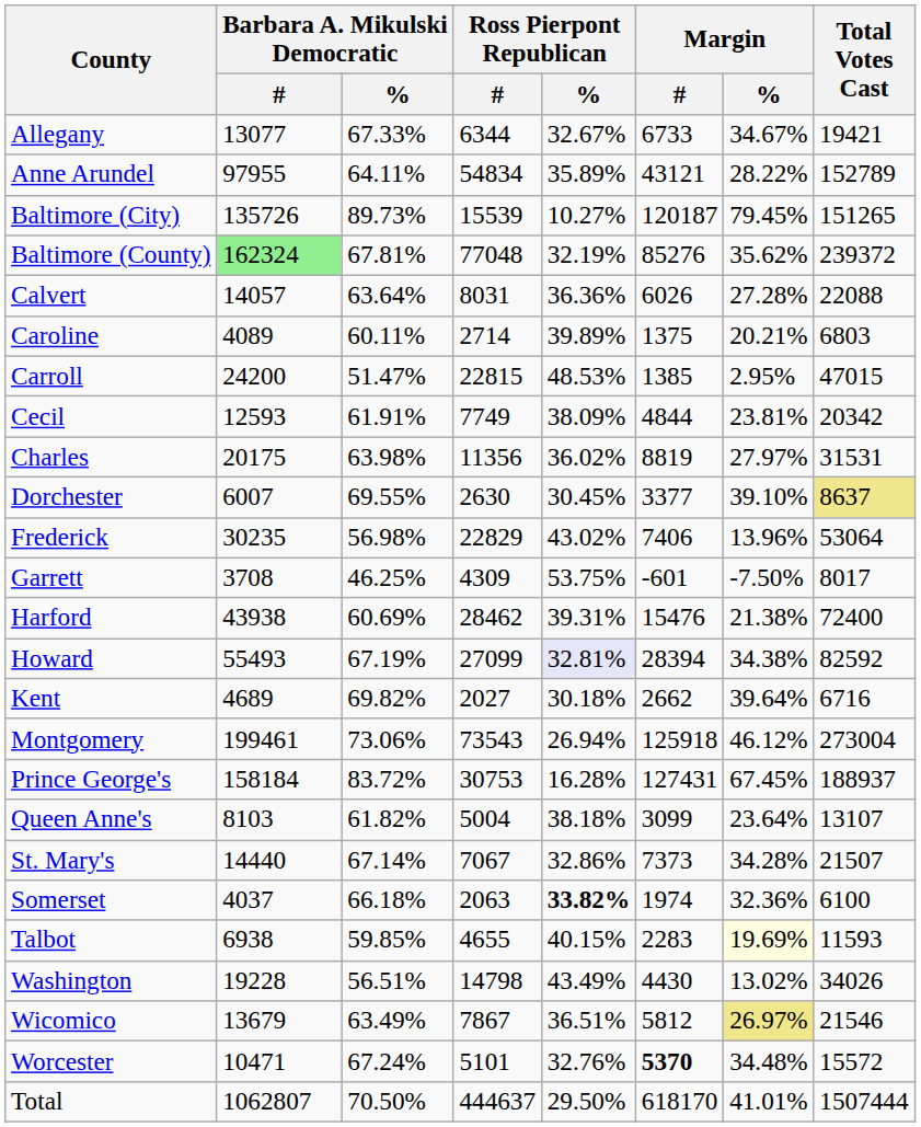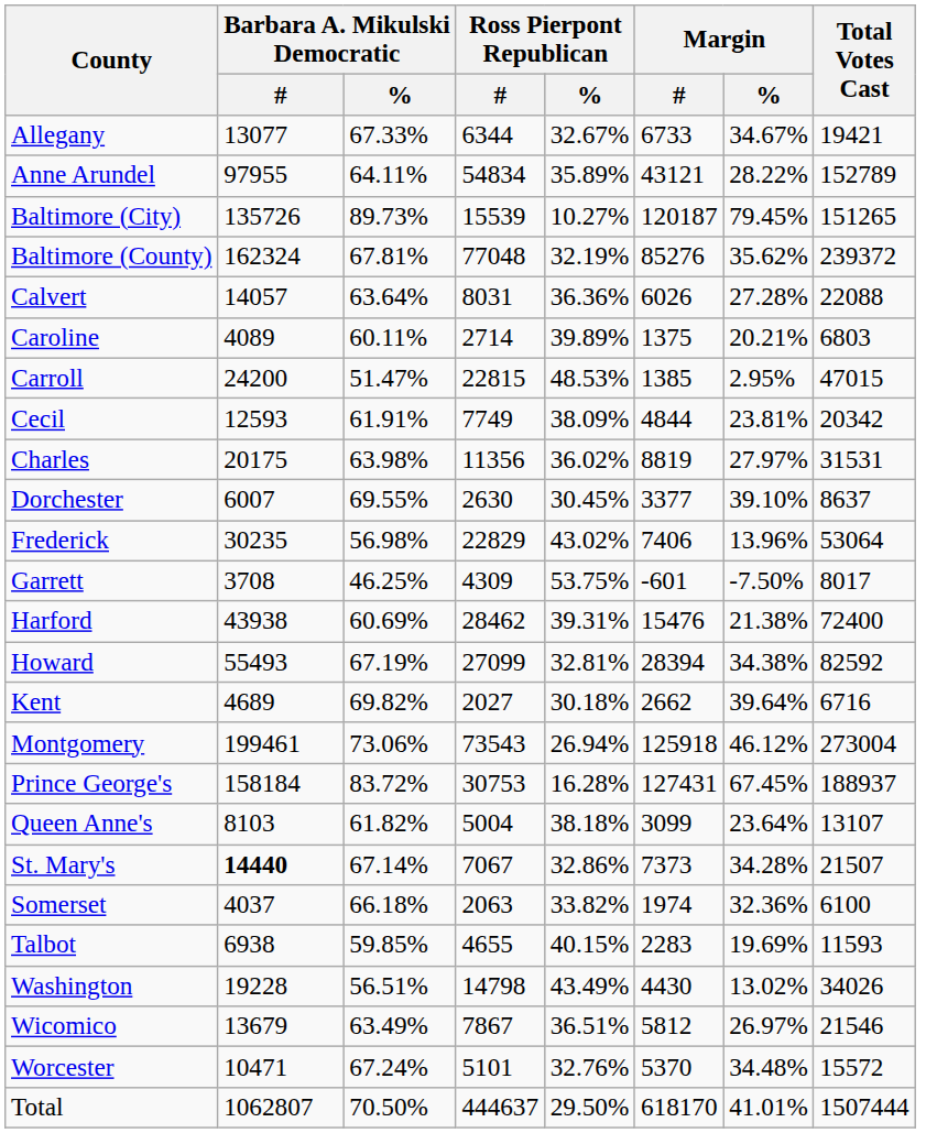 <table class="wikitable sortable">
 <tr>
 <th rowspan="2">County</th>
 <th colspan="2" >Barbara A. Mikulski<br>Democratic</th>
 <th colspan="2" >Ross Pierpont<br>Republican</th>
 <th colspan="2">Margin</th>
 <th rowspan="2">Total<br>Votes<br>Cast</th>
 </tr>
 <tr>
 <th>#</th>
 <th>%</th>
 <th>#</th>
 <th>%</th>
 <th>#</th>
 <th>%</th>
 </tr>
 <tr>
 <td><a href='#'>Allegany</a></td>
 <td>13077</td>
 <td>67.33%</td>
 <td>6344</td>
 <td>32.67%</td>
 <td>6733</td>
 <td>34.67%</td>
 <td>19421</td>
 </tr>
 <tr>
 <td><a href='#'>Anne Arundel</a></td>
 <td>97955</td>
 <td>64.11%</td>
 <td>54834</td>
 <td>35.89%</td>
 <td>43121</td>
 <td>28.22%</td>
 <td>152789</td>
 </tr>
 <tr>
 <td><a href='#'>Baltimore (City)</a></td>
 <td>135726</td>
 <td>89.73%</td>
 <td>15539</td>
 <td>10.27%</td>
 <td>120187</td>
 <td>79.45%</td>
 <td>151265</td>
 </tr>
 <tr>
 <td><a href='#'>Baltimore (County)</a></td>
-<td style="background: lightgreen;">162324</td>
+<td>162324</td>
 <td>67.81%</td>
 <td>77048</td>
 <td>32.19%</td>
 <td>85276</td>
 <td>35.62%</td>
 <td>239372</td>
 </tr>
 <tr>
 <td><a href='#'>Calvert</a></td>
 <td>14057</td>
 <td>63.64%</td>
 <td>8031</td>
 <td>36.36%</td>
 <td>6026</td>
 <td>27.28%</td>
 <td>22088</td>
 </tr>
 <tr>
 <td><a href='#'>Caroline</a></td>
 <td>4089</td>
 <td>60.11%</td>
 <td>2714</td>
 <td>39.89%</td>
 <td>1375</td>
 <td>20.21%</td>
 <td>6803</td>
 </tr>
 <tr>
 <td><a href='#'>Carroll</a></td>
 <td>24200</td>
 <td>51.47%</td>
 <td>22815</td>
 <td>48.53%</td>
 <td>1385</td>
 <td>2.95%</td>
 <td>47015</td>
 </tr>
 <tr>
 <td><a href='#'>Cecil</a></td>
 <td>12593</td>
 <td>61.91%</td>
 <td>7749</td>
 <td>38.09%</td>
 <td>4844</td>
 <td>23.81%</td>
 <td>20342</td>
 </tr>
 <tr>
 <td><a href='#'>Charles</a></td>
 <td>20175</td>
 <td>63.98%</td>
 <td>11356</td>
 <td>36.02%</td>
 <td>8819</td>
 <td>27.97%</td>
 <td>31531</td>
 </tr>
 <tr>
 <td><a href='#'>Dorchester</a></td>
 <td>6007</td>
 <td>69.55%</td>
 <td>2630</td>
 <td>30.45%</td>
 <td>3377</td>
 <td>39.10%</td>
-<td style="background: khaki;">8637</td>
+<td>8637</td>
 </tr>
 <tr>
 <td><a href='#'>Frederick</a></td>
 <td>30235</td>
 <td>56.98%</td>
 <td>22829</td>
 <td>43.02%</td>
 <td>7406</td>
 <td>13.96%</td>
 <td>53064</td>
 </tr>
 <tr>
 <td><a href='#'>Garrett</a></td>
 <td>3708</td>
 <td>46.25%</td>
 <td>4309</td>
 <td>53.75%</td>
 <td>-601</td>
 <td>-7.50%</td>
 <td>8017</td>
 </tr>
 <tr>
 <td><a href='#'>Harford</a></td>
 <td>43938</td>
 <td>60.69%</td>
 <td>28462</td>
 <td>39.31%</td>
 <td>15476</td>
 <td>21.38%</td>
 <td>72400</td>
 </tr>
 <tr>
 <td><a href='#'>Howard</a></td>
 <td>55493</td>
 <td>67.19%</td>
 <td>27099</td>
-<td style="background: lavender;">32.81%</td>
+<td>32.81%</td>
 <td>28394</td>
 <td>34.38%</td>
 <td>82592</td>
 </tr>
 <tr>
 <td><a href='#'>Kent</a></td>
 <td>4689</td>
 <td>69.82%</td>
 <td>2027</td>
 <td>30.18%</td>
 <td>2662</td>
 <td>39.64%</td>
 <td>6716</td>
 </tr>
 <tr>
 <td><a href='#'>Montgomery</a></td>
 <td>199461</td>
 <td>73.06%</td>
 <td>73543</td>
 <td>26.94%</td>
 <td>125918</td>
 <td>46.12%</td>
 <td>273004</td>
 </tr>
 <tr>
 <td><a href='#'>Prince George's</a></td>
 <td>158184</td>
 <td>83.72%</td>
 <td>30753</td>
 <td>16.28%</td>
 <td>127431</td>
 <td>67.45%</td>
 <td>188937</td>
 </tr>
 <tr>
 <td><a href='#'>Queen Anne's</a></td>
 <td>8103</td>
 <td>61.82%</td>
 <td>5004</td>
 <td>38.18%</td>
 <td>3099</td>
 <td>23.64%</td>
 <td>13107</td>
 </tr>
 <tr>
 <td><a href='#'>St. Mary's</a></td>
-<td>14440</td>
+<td><strong>14440</strong></td>
 <td>67.14%</td>
 <td>7067</td>
 <td>32.86%</td>
 <td>7373</td>
 <td>34.28%</td>
 <td>21507</td>
 </tr>
 <tr>
 <td><a href='#'>Somerset</a></td>
 <td>4037</td>
 <td>66.18%</td>
 <td>2063</td>
-<td><strong>33.82%</strong></td>
+<td>33.82%</td>
 <td>1974</td>
 <td>32.36%</td>
 <td>6100</td>
 </tr>
 <tr>
 <td><a href='#'>Talbot</a></td>
 <td>6938</td>
 <td>59.85%</td>
 <td>4655</td>
 <td>40.15%</td>
 <td>2283</td>
-<td style="background: lightyellow;">19.69%</td>
+<td>19.69%</td>
 <td>11593</td>
 </tr>
 <tr>
 <td><a href='#'>Washington</a></td>
 <td>19228</td>
 <td>56.51%</td>
 <td>14798</td>
 <td>43.49%</td>
 <td>4430</td>
 <td>13.02%</td>
 <td>34026</td>
 </tr>
 <tr>
 <td><a href='#'>Wicomico</a></td>
 <td>13679</td>
 <td>63.49%</td>
 <td>7867</td>
 <td>36.51%</td>
 <td>5812</td>
-<td style="background: khaki;">26.97%</td>
+<td>26.97%</td>
 <td>21546</td>
 </tr>
 <tr>
 <td><a href='#'>Worcester</a></td>
 <td>10471</td>
 <td>67.24%</td>
 <td>5101</td>
 <td>32.76%</td>
-<td><strong>5370</strong></td>
+<td>5370</td>
 <td>34.48%</td>
 <td>15572</td>
 </tr>
 <tr>
 <td>Total</td>
 <td>1062807</td>
 <td>70.50%</td>
 <td>444637</td>
 <td>29.50%</td>
 <td>618170</td>
 <td>41.01%</td>
 <td>1507444</td>
 </tr>
 </table>
